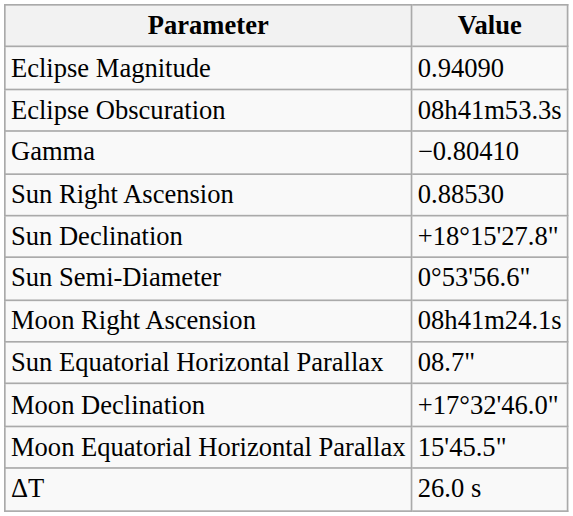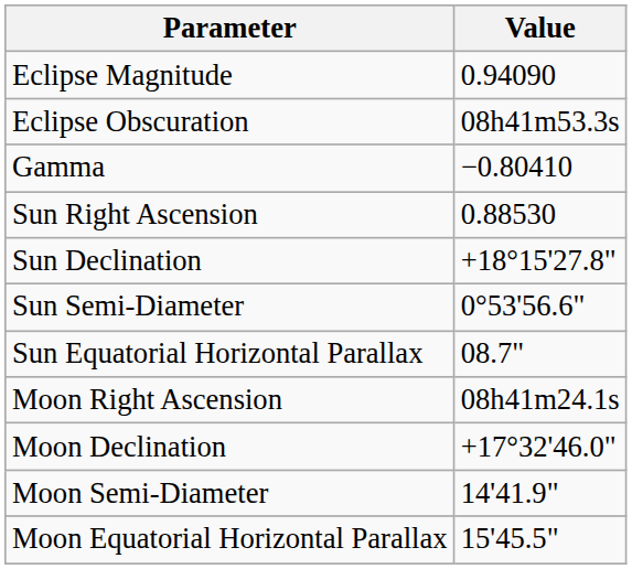 <table class="wikitable">
 <tr>
 <th>Parameter</th>
 <th>Value</th>
 </tr>
 <tr>
 <td>Eclipse Magnitude</td>
 <td>0.94090</td>
 </tr>
 <tr>
 <td>Eclipse Obscuration</td>
 <td>08h41m53.3s</td>
 </tr>
 <tr>
 <td>Gamma</td>
 <td>−0.80410</td>
 </tr>
 <tr>
 <td>Sun Right Ascension</td>
 <td>0.88530</td>
 </tr>
 <tr>
 <td>Sun Declination</td>
 <td>+18°15'27.8"</td>
 </tr>
 <tr>
 <td>Sun Semi-Diameter</td>
 <td>0°53'56.6"</td>
 </tr>
 <tr>
+<td>Sun Equatorial Horizontal Parallax</td>
+<td>08.7"</td>
+</tr>
+<tr>
 <td>Moon Right Ascension</td>
 <td>08h41m24.1s</td>
-</tr>
-<tr>
-<td>Sun Equatorial Horizontal Parallax</td>
-<td>08.7"</td>
 </tr>
 <tr>
 <td>Moon Declination</td>
 <td>+17°32'46.0"</td>
 </tr>
 <tr>
+<td>Moon Semi-Diameter</td>
+<td>14'41.9"</td>
+</tr>
+<tr>
 <td>Moon Equatorial Horizontal Parallax</td>
 <td>15'45.5"</td>
 </tr>
-<tr>
-<td>ΔT</td>
-<td>26.0 s</td>
-</tr>
 </table>
